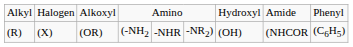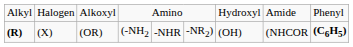 <table class="wikitable">
 <tr>
 <td>Alkyl</td>
 <td>Halogen</td>
 <td>Alkoxyl</td>
 <td colspan="3" style="text-align: center;">Amino</td>
 <td>Hydroxyl</td>
 <td>Amide</td>
 <td>Phenyl</td>
 </tr>
 <tr>
-<td>(R)</td>
+<td><strong>(R)</strong></td>
 <td>(X)</td>
 <td>(OR)</td>
 <td>(-NH<sub>2</sub></td>
 <td>-NHR</td>
 <td>-NR<sub>2</sub>)</td>
 <td>(OH)</td>
 <td>(NHCOR</td>
-<td>(C<sub>6</sub>H<sub>5</sub>)</td>
+<td><strong>(C<sub>6</sub>H<sub>5</sub>)</strong></td>
 </tr>
 </table>
